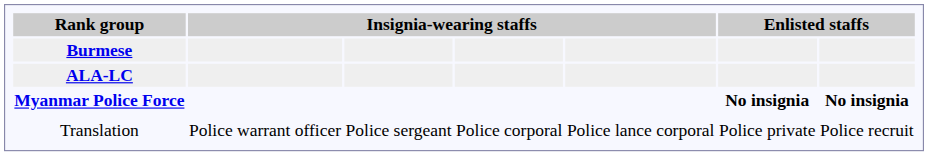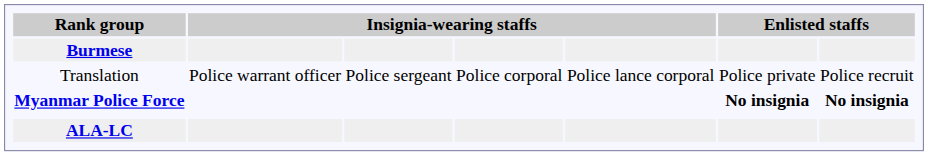 <table style="border:1px solid #8888aa; background-color:#f7f8ff; padding:5px; font-size:95%; margin: 0px 12px 12px 0px;">
 <tr bgcolor=#CCCCCC>
 <th>Rank group</th>
 <th colspan=4>Insignia-wearing staffs</th>
 <th colspan=2>Enlisted staffs</th>
 </tr>
 <tr style="text-align:center; background:#efefef;">
 <th><a href='#'>Burmese</a></th>
 <td></td>
 <td></td>
 <td></td>
 <td></td>
 <td></td>
 <td></td>
 </tr>
-<tr style="text-align:center; background:#efefef;">
-<th><a href='#'>ALA-LC</a></th>
-<td></td>
-<td></td>
-<td></td>
-<td></td>
-<td></td>
-<td></td>
+<tr style="text-align:center;">
+<td>Translation</td>
+<td>Police warrant officer</td>
+<td>Police sergeant</td>
+<td>Police corporal</td>
+<td>Police lance corporal</td>
+<td>Police private</td>
+<td>Police recruit</td>
 </tr>
 <tr style="text-align:center;">
 <td><strong> <a href='#'>Myanmar Police Force</a></strong></td>
 <td></td>
 <td></td>
 <td></td>
 <td></td>
 <td><strong>No insignia</strong></td>
 <td><strong>No insignia</strong></td>
 </tr>
 <tr style="text-align:center;">
 <td colspan=7></td>
 </tr>
-<tr style="text-align:center;">
-<td>Translation</td>
-<td>Police warrant officer</td>
-<td>Police sergeant</td>
-<td>Police corporal</td>
-<td>Police lance corporal</td>
-<td>Police private</td>
-<td>Police recruit</td>
+<tr style="text-align:center; background:#efefef;">
+<th><a href='#'>ALA-LC</a></th>
+<td></td>
+<td></td>
+<td></td>
+<td></td>
+<td></td>
+<td></td>
 </tr>
 </table>
